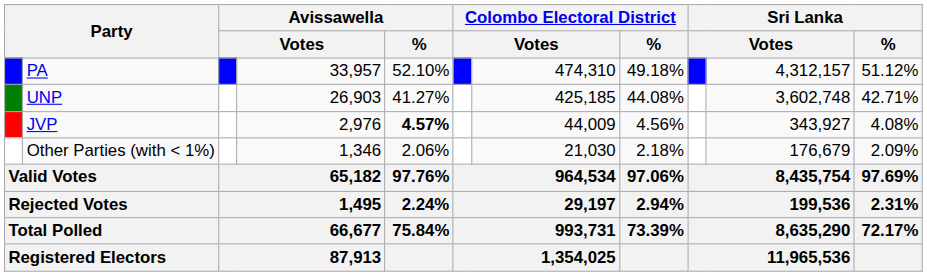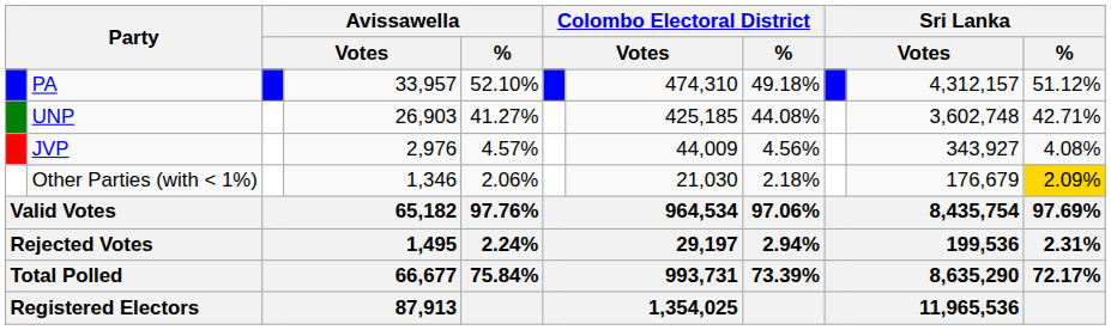 <table class="wikitable">
 <tr>
 <th colspan="2" width="144px"rowspan="2">Party</th>
 <th colspan="3" width="216px">Avissawella</th>
 <th colspan="3" width="216px"><a href='#'>Colombo Electoral District</a></th>
 <th colspan="3" width="216px">Sri Lanka</th>
 </tr>
 <tr>
 <th colspan="2" width="144px">Votes</th>
 <th>%</th>
 <th colspan="2" width="144px">Votes</th>
 <th>%</th>
 <th colspan="2" width="144px">Votes</th>
 <th>%</th>
 </tr>
 <tr>
 <td style="background-color:blue;" width="10px"></td>
 <td style="text-align:left;"><a href='#'>PA</a></td>
 <td style="background-color:blue;" width="10px"></td>
 <td style="text-align:right;">33,957</td>
 <td style="text-align:right;">52.10%</td>
 <td style="background-color:blue;" width="10px"></td>
 <td style="text-align:right;">474,310</td>
 <td style="text-align:right;">49.18%</td>
 <td style="background-color:blue;" width="10px"></td>
 <td style="text-align:right;">4,312,157</td>
 <td style="text-align:right;">51.12%</td>
 </tr>
 <tr>
 <td style="background-color:green;" width="10px"></td>
 <td style="text-align:left;"><a href='#'>UNP</a></td>
 <td style="background-color:white;" width="10px"></td>
 <td style="text-align:right;">26,903</td>
 <td style="text-align:right;">41.27%</td>
 <td style="background-color:white;" width="10px"></td>
 <td style="text-align:right;">425,185</td>
 <td style="text-align:right;">44.08%</td>
 <td style="background-color:white;" width="10px"></td>
 <td style="text-align:right;">3,602,748</td>
 <td style="text-align:right;">42.71%</td>
 </tr>
 <tr>
 <td style="background-color:red;" width="10px"></td>
 <td style="text-align:left;"><a href='#'>JVP</a></td>
 <td style="background-color:white;" width="10px"></td>
 <td style="text-align:right;">2,976</td>
-<td style="text-align:right;"><strong>4.57%</strong></td>
+<td style="text-align:right;">4.57%</td>
 <td style="background-color:white;" width="10px"></td>
 <td style="text-align:right;">44,009</td>
 <td style="text-align:right;">4.56%</td>
 <td style="background-color:white;" width="10px"></td>
 <td style="text-align:right;">343,927</td>
 <td style="text-align:right;">4.08%</td>
 </tr>
 <tr>
 <td style="background-color:white;" width="10px"></td>
 <td style="text-align:left;">Other Parties (with < 1%)</td>
 <td style="background-color:white;" width="10px"></td>
 <td style="text-align:right;">1,346</td>
 <td style="text-align:right;">2.06%</td>
 <td style="background-color:white;" width="10px"></td>
 <td style="text-align:right;">21,030</td>
 <td style="text-align:right;">2.18%</td>
 <td style="background-color:white;" width="10px"></td>
 <td style="text-align:right;">176,679</td>
-<td style="text-align:right;">2.09%</td>
+<td style="background: gold; text-align:right;">2.09%</td>
 </tr>
 <tr>
 <th colspan="2" width="144px"style="text-align:left;">Valid Votes</th>
 <th style="text-align:right;"colspan="2" width="144px">65,182</th>
 <th style="text-align:right;">97.76%</th>
 <th style="text-align:right;"colspan="2" width="144px">964,534</th>
 <th style="text-align:right;">97.06%</th>
 <th style="text-align:right;"colspan="2" width="144px">8,435,754</th>
 <th style="text-align:right;">97.69%</th>
 </tr>
 <tr>
 <th colspan="2" width="144px"style="text-align:left;">Rejected Votes</th>
 <th style="text-align:right;"colspan="2" width="144px">1,495</th>
 <th style="text-align:right;">2.24%</th>
 <th style="text-align:right;"colspan="2" width="144px">29,197</th>
 <th style="text-align:right;">2.94%</th>
 <th style="text-align:right;"colspan="2" width="144px">199,536</th>
 <th style="text-align:right;">2.31%</th>
 </tr>
 <tr>
 <th colspan="2" width="144px"style="text-align:left;">Total Polled</th>
 <th style="text-align:right;"colspan="2" width="144px">66,677</th>
 <th style="text-align:right;">75.84%</th>
 <th style="text-align:right;"colspan="2" width="144px">993,731</th>
 <th style="text-align:right;">73.39%</th>
 <th style="text-align:right;"colspan="2" width="144px">8,635,290</th>
 <th style="text-align:right;">72.17%</th>
 </tr>
 <tr>
 <th colspan="2" width="144px"style="text-align:left;">Registered Electors</th>
 <th style="text-align:right;"colspan="2" width="144px">87,913</th>
 <th></th>
 <th style="text-align:right;"colspan="2" width="144px">1,354,025</th>
 <th></th>
 <th style="text-align:right;"colspan="2" width="144px">11,965,536</th>
 <th></th>
 </tr>
 </table>
